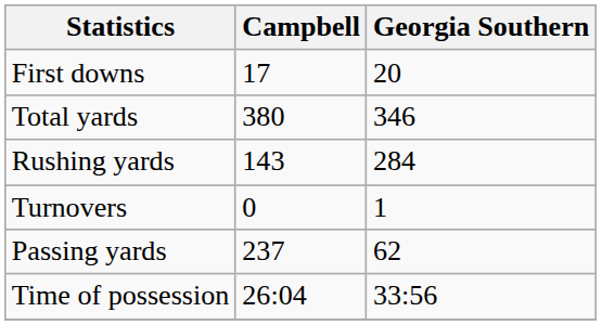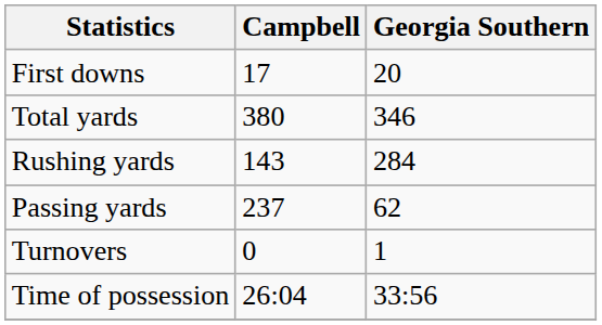 <table class="wikitable">
 <tr>
 <th>Statistics</th>
 <th>Campbell</th>
 <th>Georgia Southern</th>
 </tr>
 <tr>
 <td>First downs</td>
 <td>17</td>
 <td>20</td>
 </tr>
 <tr>
 <td>Total yards</td>
 <td>380</td>
 <td>346</td>
 </tr>
 <tr>
 <td>Rushing yards</td>
 <td>143</td>
 <td>284</td>
 </tr>
 <tr>
+<td>Passing yards</td>
+<td>237</td>
+<td>62</td>
+</tr>
+<tr>
 <td>Turnovers</td>
 <td>0</td>
 <td>1</td>
-</tr>
-<tr>
-<td>Passing yards</td>
-<td>237</td>
-<td>62</td>
 </tr>
 <tr>
 <td>Time of possession</td>
 <td>26:04</td>
 <td>33:56</td>
 </tr>
 <tr>
 </tr>
 </table>
